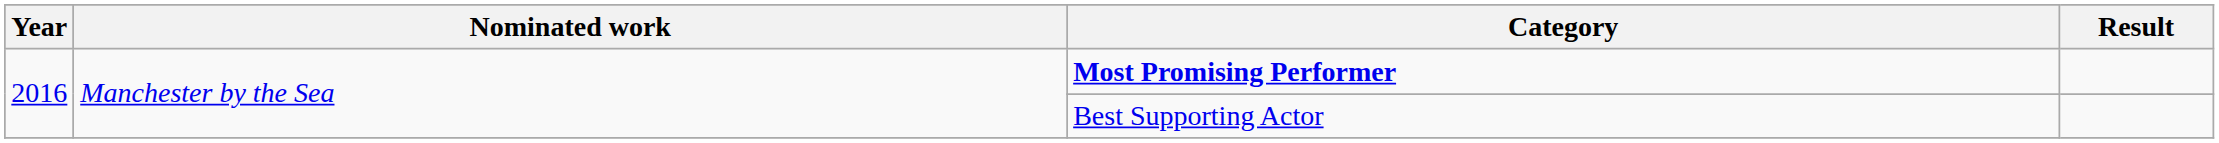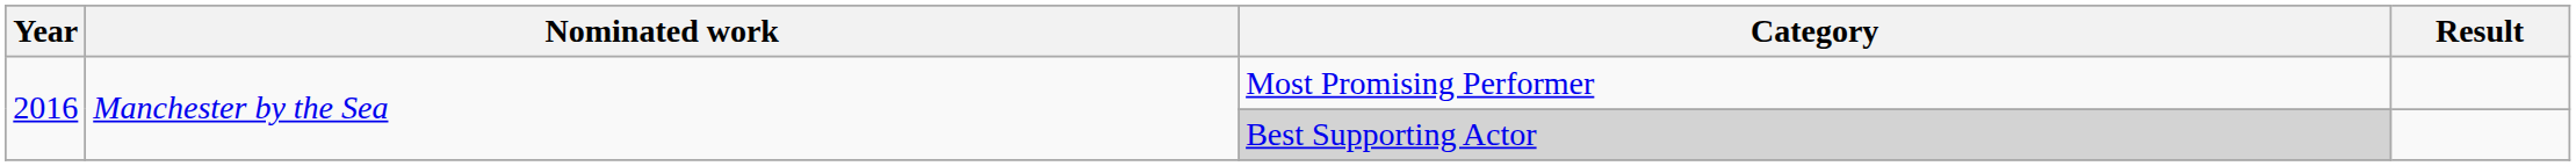 <table class="wikitable">
 <tr>
 <th scope="col" style="width:1em;">Year</th>
 <th scope="col" style="width:35em;">Nominated work</th>
 <th scope="col" style="width:35em;">Category</th>
 <th scope="col" style="width:5em;">Result</th>
 </tr>
 <tr>
 <td rowspan="2"><a href='#'>2016</a></td>
 <td rowspan="2"><em><a href='#'>Manchester by the Sea</a></em></td>
-<td><strong><a href='#'>Most Promising Performer</a></strong></td>
+<td><a href='#'>Most Promising Performer</a></td>
 <td></td>
 </tr>
 <tr>
-<td><a href='#'>Best Supporting Actor</a></td>
+<td style="background: lightgrey;"><a href='#'>Best Supporting Actor</a></td>
 <td></td>
 </tr>
 </table>
